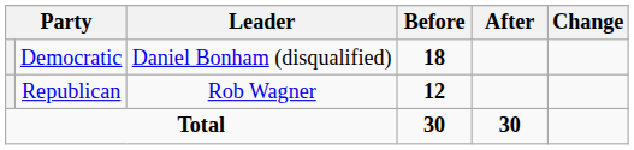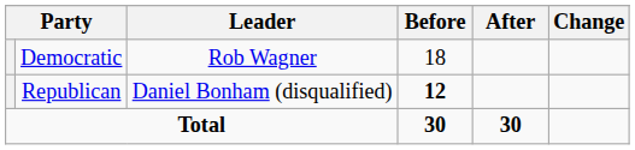 <table class="wikitable" style="text-align:center;">
 <tr>
 </tr>
 <tr>
 <th colspan="2">Party</th>
 <th>Leader</th>
 <th style="width:3em">Before</th>
 <th style="width:3em">After</th>
 <th style="width:3em">Change</th>
 </tr>
 <tr>
 <th style="background-color:"></th>
 <td><a href='#'>Democratic</a></td>
-<td><a href='#'>Daniel Bonham</a> (disqualified)</td>
-<td><strong>18</strong></td>
+<td><a href='#'>Rob Wagner</a></td>
+<td>18</td>
 <td></td>
 <td></td>
 </tr>
 <tr>
 <th style="background-color:"></th>
 <td><a href='#'>Republican</a></td>
-<td><a href='#'>Rob Wagner</a></td>
+<td><a href='#'>Daniel Bonham</a> (disqualified)</td>
 <td><strong>12</strong></td>
 <td></td>
 <td></td>
 </tr>
 <tr>
 <td colspan="3"><strong>Total</strong></td>
 <td><strong>30</strong></td>
 <td><strong>30</strong></td>
 <td></td>
 </tr>
 </table>
